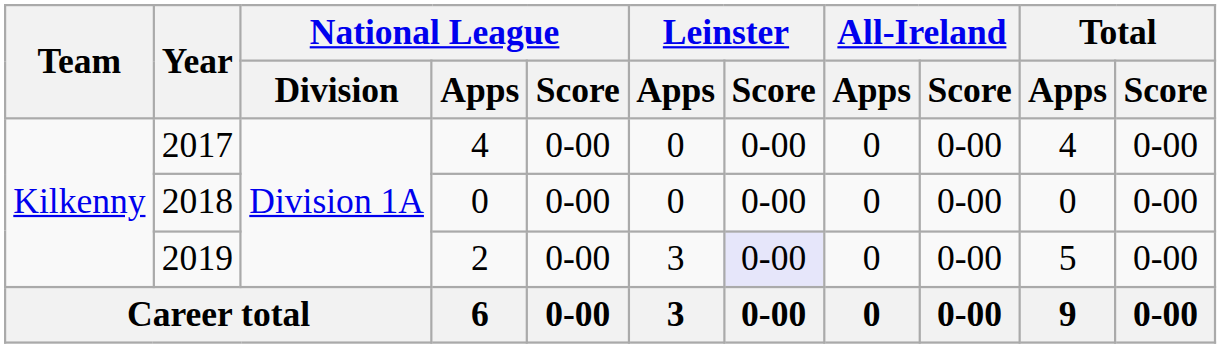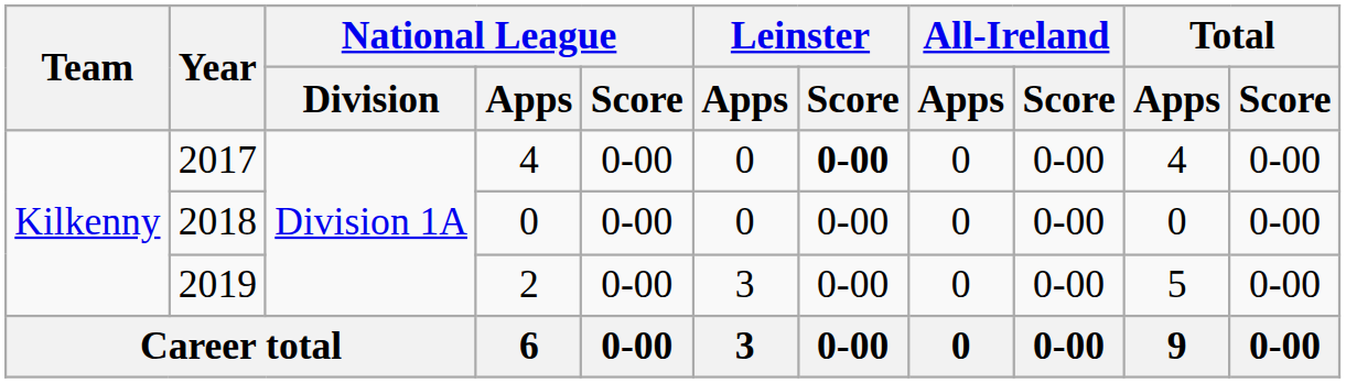 <table class="wikitable" style="text-align:center">
 <tr>
 <th rowspan="2">Team</th>
 <th rowspan="2">Year</th>
 <th colspan="3"><a href='#'>National League</a></th>
 <th colspan="2"><a href='#'>Leinster</a></th>
 <th colspan="2"><a href='#'>All-Ireland</a></th>
 <th colspan="2">Total</th>
 </tr>
 <tr>
 <th>Division</th>
 <th>Apps</th>
 <th>Score</th>
 <th>Apps</th>
 <th>Score</th>
 <th>Apps</th>
 <th>Score</th>
 <th>Apps</th>
 <th>Score</th>
 </tr>
 <tr>
 <td rowspan="3"><a href='#'>Kilkenny</a></td>
 <td>2017</td>
 <td rowspan="3"><a href='#'>Division 1A</a></td>
 <td>4</td>
 <td>0-00</td>
 <td>0</td>
-<td>0-00</td>
+<td><strong>0-00</strong></td>
 <td>0</td>
 <td>0-00</td>
 <td>4</td>
 <td>0-00</td>
 </tr>
 <tr>
 <td>2018</td>
 <td>0</td>
 <td>0-00</td>
 <td>0</td>
 <td>0-00</td>
 <td>0</td>
 <td>0-00</td>
 <td>0</td>
 <td>0-00</td>
 </tr>
 <tr>
 <td>2019</td>
 <td>2</td>
 <td>0-00</td>
 <td>3</td>
-<td style="background: lavender;">0-00</td>
+<td>0-00</td>
 <td>0</td>
 <td>0-00</td>
 <td>5</td>
 <td>0-00</td>
 </tr>
 <tr>
 <th colspan="3">Career total</th>
 <th>6</th>
 <th>0-00</th>
 <th>3</th>
 <th>0-00</th>
 <th>0</th>
 <th>0-00</th>
 <th>9</th>
 <th>0-00</th>
 </tr>
 </table>
